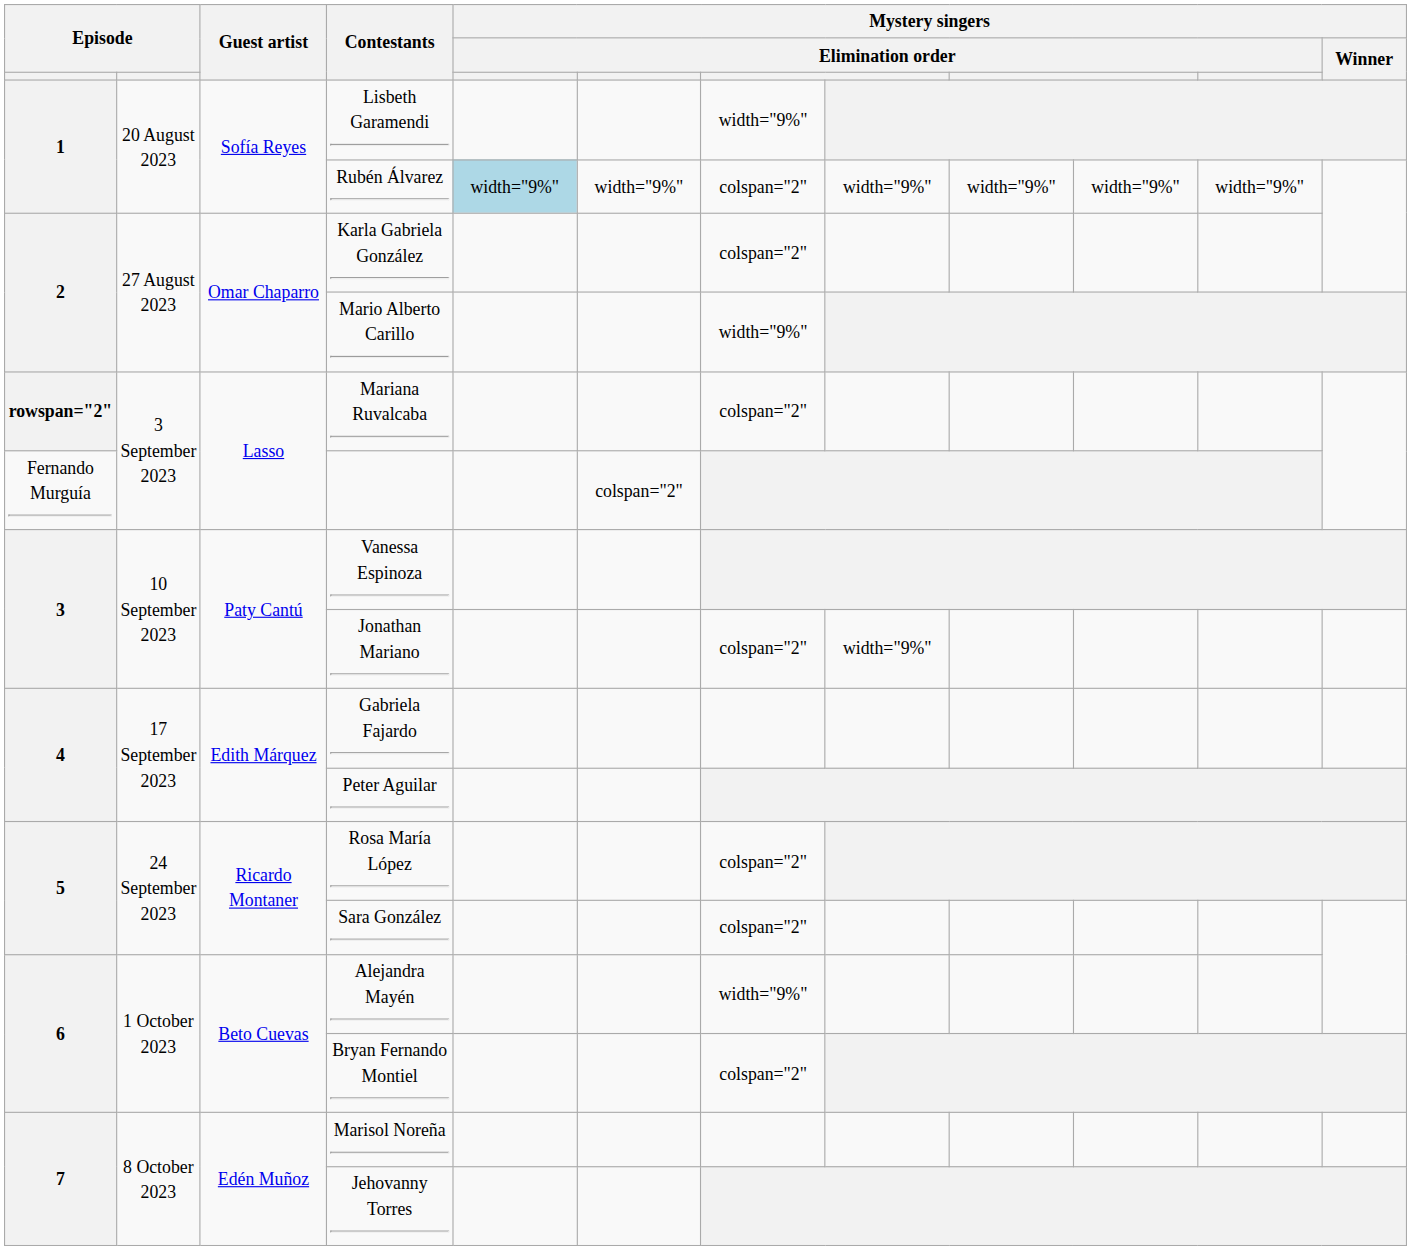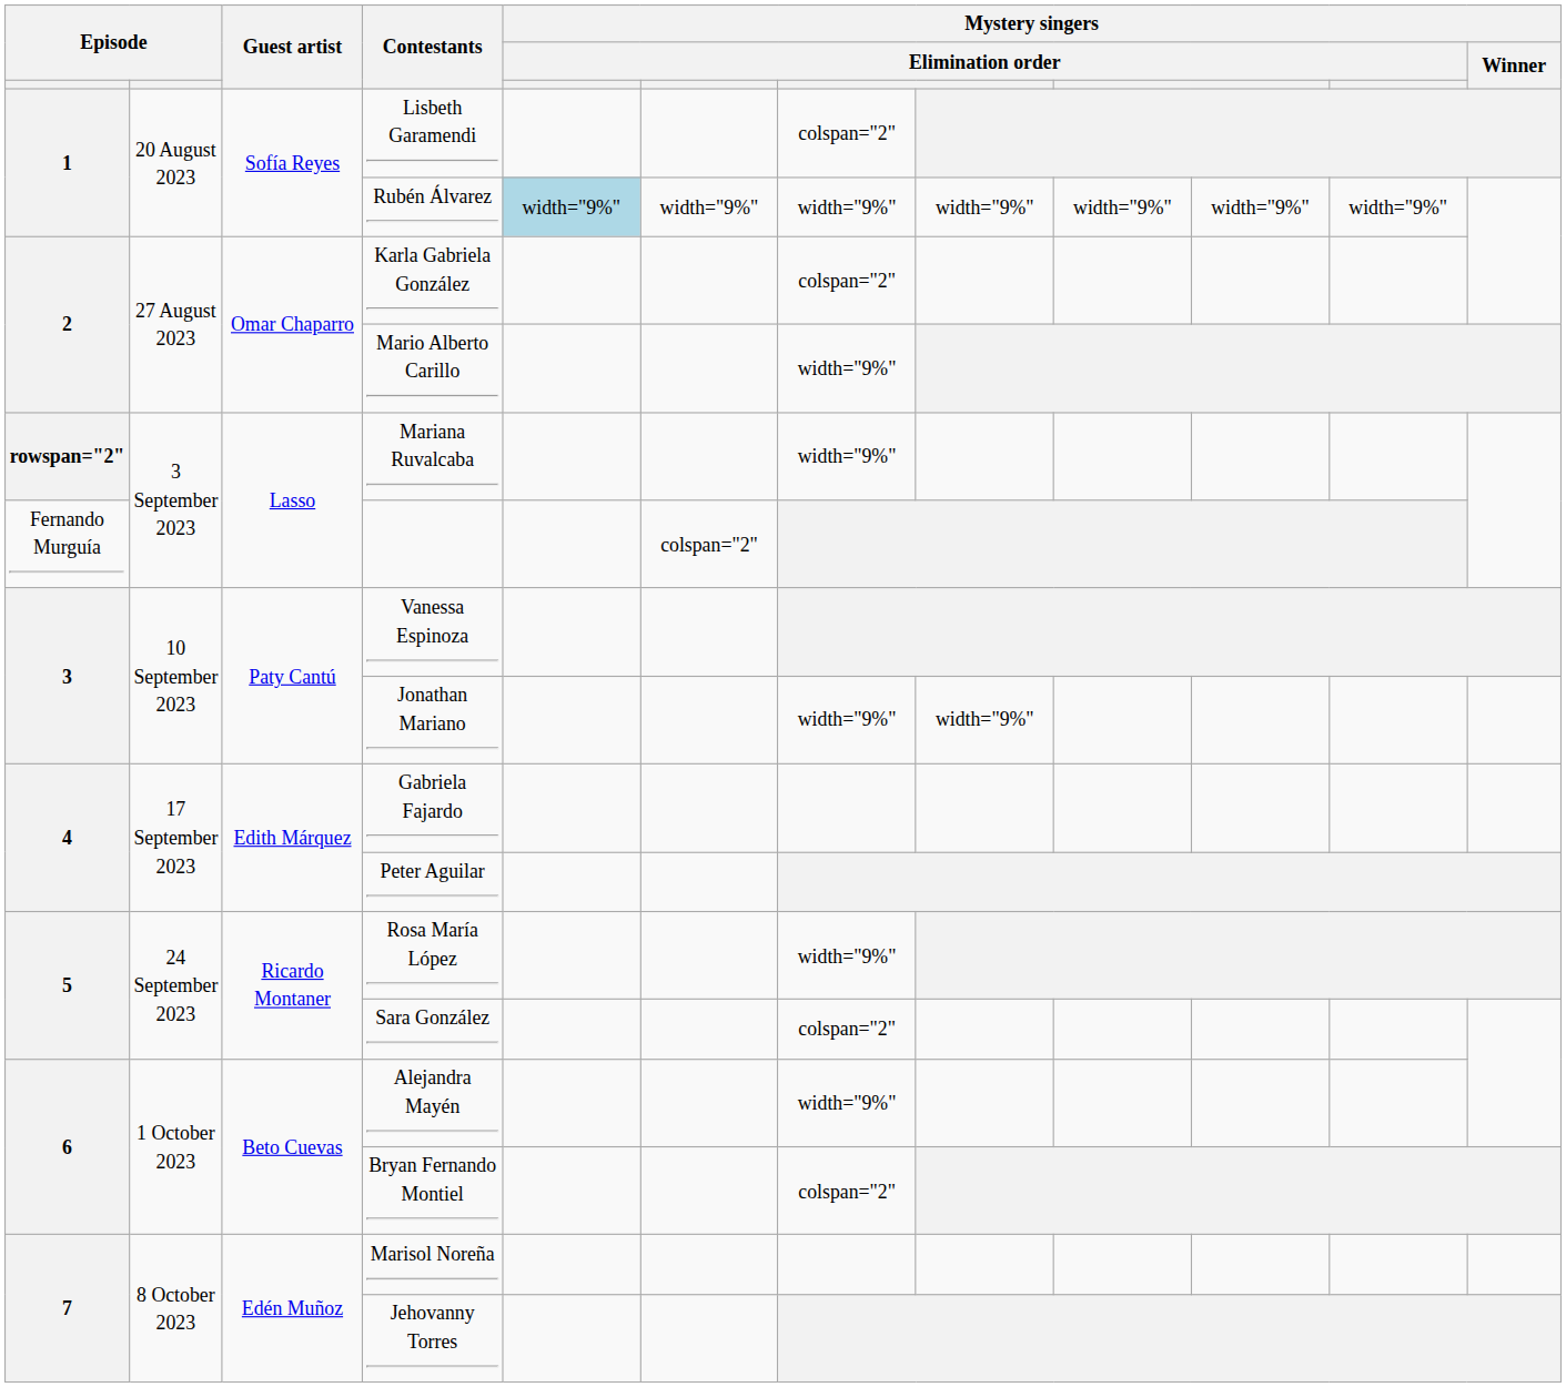 <table class="wikitable plainrowheaders mw-collapsible" style="text-align:center; line-height:23px; width:100%;">
 <tr>
 <th colspan="2" rowspan="2" width="1%">Episode</th>
 <th rowspan="3" width="9%">Guest artist</th>
 <th rowspan="3" width="9%">Contestants</th>
 <th colspan="8">Mystery singers<br></th>
 </tr>
 <tr>
 <th colspan="7">Elimination order</th>
 <th rowspan="2">Winner</th>
 </tr>
 <tr>
 <th></th>
 <th></th>
 <th></th>
 <th></th>
 <th colspan="2"></th>
 <th colspan="2"></th>
 <th></th>
 </tr>
 <tr>
 <th rowspan="2">1</th>
 <td rowspan="2">20 August 2023</td>
 <td rowspan="2"><a href='#'>Sofía Reyes</a><br></td>
 <td>Lisbeth Garamendi<hr></td>
 <td></td>
 <td></td>
-<td>width="9%" </td>
+<td>colspan="2" </td>
 <th colspan="5"></th>
 </tr>
 <tr>
 <td>Rubén Álvarez<hr></td>
 <td style="background: lightblue;">width="9%" </td>
 <td>width="9%" </td>
-<td>colspan="2" </td>
+<td>width="9%" </td>
 <td>width="9%" </td>
 <td>width="9%" </td>
 <td>width="9%" </td>
 <td>width="9%" </td>
 </tr>
 <tr>
 <th rowspan="2">2</th>
 <td rowspan="2">27 August 2023</td>
 <td rowspan="2"><a href='#'>Omar Chaparro</a></td>
 <td>Karla Gabriela González<hr></td>
 <td></td>
 <td></td>
 <td>colspan="2" </td>
 <td></td>
 <td></td>
 <td></td>
 <td></td>
 </tr>
 <tr>
 <td>Mario Alberto Carillo<hr></td>
 <td></td>
 <td></td>
 <td>width="9%" </td>
 <th colspan="5"></th>
 </tr>
 <tr>
 <th>rowspan="2" </th>
 <td rowspan="2">3 September 2023</td>
 <td rowspan="2"><a href='#'>Lasso</a><br></td>
 <td>Mariana Ruvalcaba<hr></td>
 <td></td>
 <td></td>
-<td>colspan="2" </td>
+<td>width="9%" </td>
 <td></td>
 <td></td>
 <td></td>
 <td></td>
 </tr>
 <tr>
 <td>Fernando Murguía<hr></td>
 <td></td>
 <td></td>
 <td>colspan="2" </td>
 <th colspan="5"></th>
 </tr>
 <tr>
 <th rowspan="2">3</th>
 <td rowspan="2">10 September 2023</td>
 <td rowspan="2"><a href='#'>Paty Cantú</a></td>
 <td>Vanessa Espinoza<hr></td>
 <td></td>
 <td></td>
 <th colspan="6"></th>
 </tr>
 <tr>
 <td>Jonathan Mariano<hr></td>
 <td></td>
 <td></td>
-<td>colspan="2" </td>
+<td>width="9%" </td>
 <td>width="9%" </td>
 <td></td>
 <td></td>
 <td></td>
 <td></td>
 </tr>
 <tr>
 <th rowspan="2">4</th>
 <td rowspan="2">17 September 2023</td>
 <td rowspan="2"><a href='#'>Edith Márquez</a><br></td>
 <td>Gabriela Fajardo<hr></td>
 <td></td>
 <td></td>
 <td></td>
 <td></td>
 <td></td>
 <td></td>
 <td></td>
 <td></td>
 </tr>
 <tr>
 <td>Peter Aguilar<hr></td>
 <td></td>
 <td></td>
 <th colspan="6"></th>
 </tr>
 <tr>
 <th rowspan="2">5</th>
 <td rowspan="2">24 September 2023</td>
 <td rowspan="2"><a href='#'>Ricardo Montaner</a></td>
 <td>Rosa María López<hr></td>
 <td></td>
 <td></td>
-<td>colspan="2" </td>
+<td>width="9%" </td>
 <th colspan="5"></th>
 </tr>
 <tr>
 <td>Sara González<hr></td>
 <td></td>
 <td></td>
 <td>colspan="2" </td>
 <td></td>
 <td></td>
 <td></td>
 <td></td>
 </tr>
 <tr>
 <th rowspan="2">6</th>
 <td rowspan="2">1 October 2023</td>
 <td rowspan="2"><a href='#'>Beto Cuevas</a><br></td>
 <td>Alejandra Mayén<hr></td>
 <td></td>
 <td></td>
 <td>width="9%" </td>
 <td></td>
 <td></td>
 <td></td>
 <td></td>
 </tr>
 <tr>
 <td>Bryan Fernando Montiel<hr></td>
 <td></td>
 <td></td>
 <td>colspan="2" </td>
 <th colspan="5"></th>
 </tr>
 <tr>
 <th rowspan="2">7</th>
 <td rowspan="2">8 October 2023</td>
 <td rowspan="2"><a href='#'>Edén Muñoz</a></td>
 <td>Marisol Noreña<hr></td>
 <td></td>
 <td></td>
 <td></td>
 <td></td>
 <td></td>
 <td></td>
 <td></td>
 <td></td>
 </tr>
 <tr>
 <td>Jehovanny Torres<hr></td>
 <td></td>
 <td></td>
 <th colspan="6"></th>
 </tr>
 </table>
